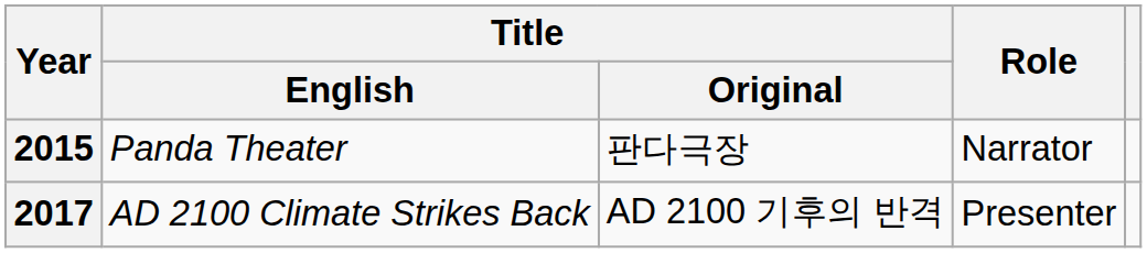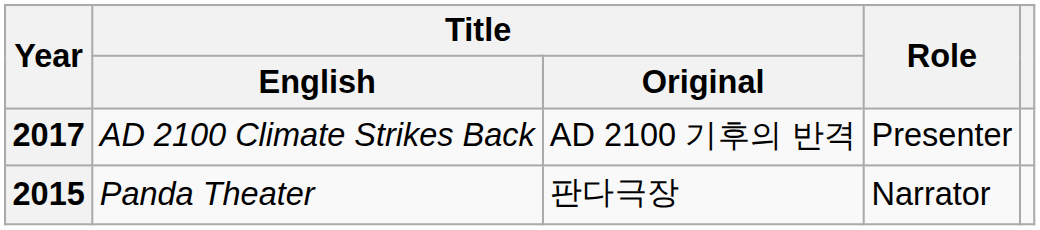 <table class="wikitable plainrowheaders">
 <tr>
 <th rowspan="2">Year</th>
 <th colspan="2">Title</th>
 <th rowspan="2">Role</th>
 <th rowspan="2"></th>
 </tr>
 <tr>
 <th scope="col">English</th>
 <th scope="col">Original</th>
 </tr>
 <tr>
+<th scope="row">2017</th>
+<td><em>AD 2100 Climate Strikes Back</em></td>
+<td>AD 2100 기후의 반격</td>
+<td>Presenter</td>
+<td></td>
+</tr>
+<tr>
 <th scope="row">2015</th>
 <td><em>Panda Theater</em></td>
 <td>판다극장</td>
 <td>Narrator</td>
 <td></td>
 </tr>
-<tr>
-<th scope="row">2017</th>
-<td><em>AD 2100 Climate Strikes Back</em></td>
-<td>AD 2100 기후의 반격</td>
-<td>Presenter</td>
-<td></td>
-</tr>
 </table>
